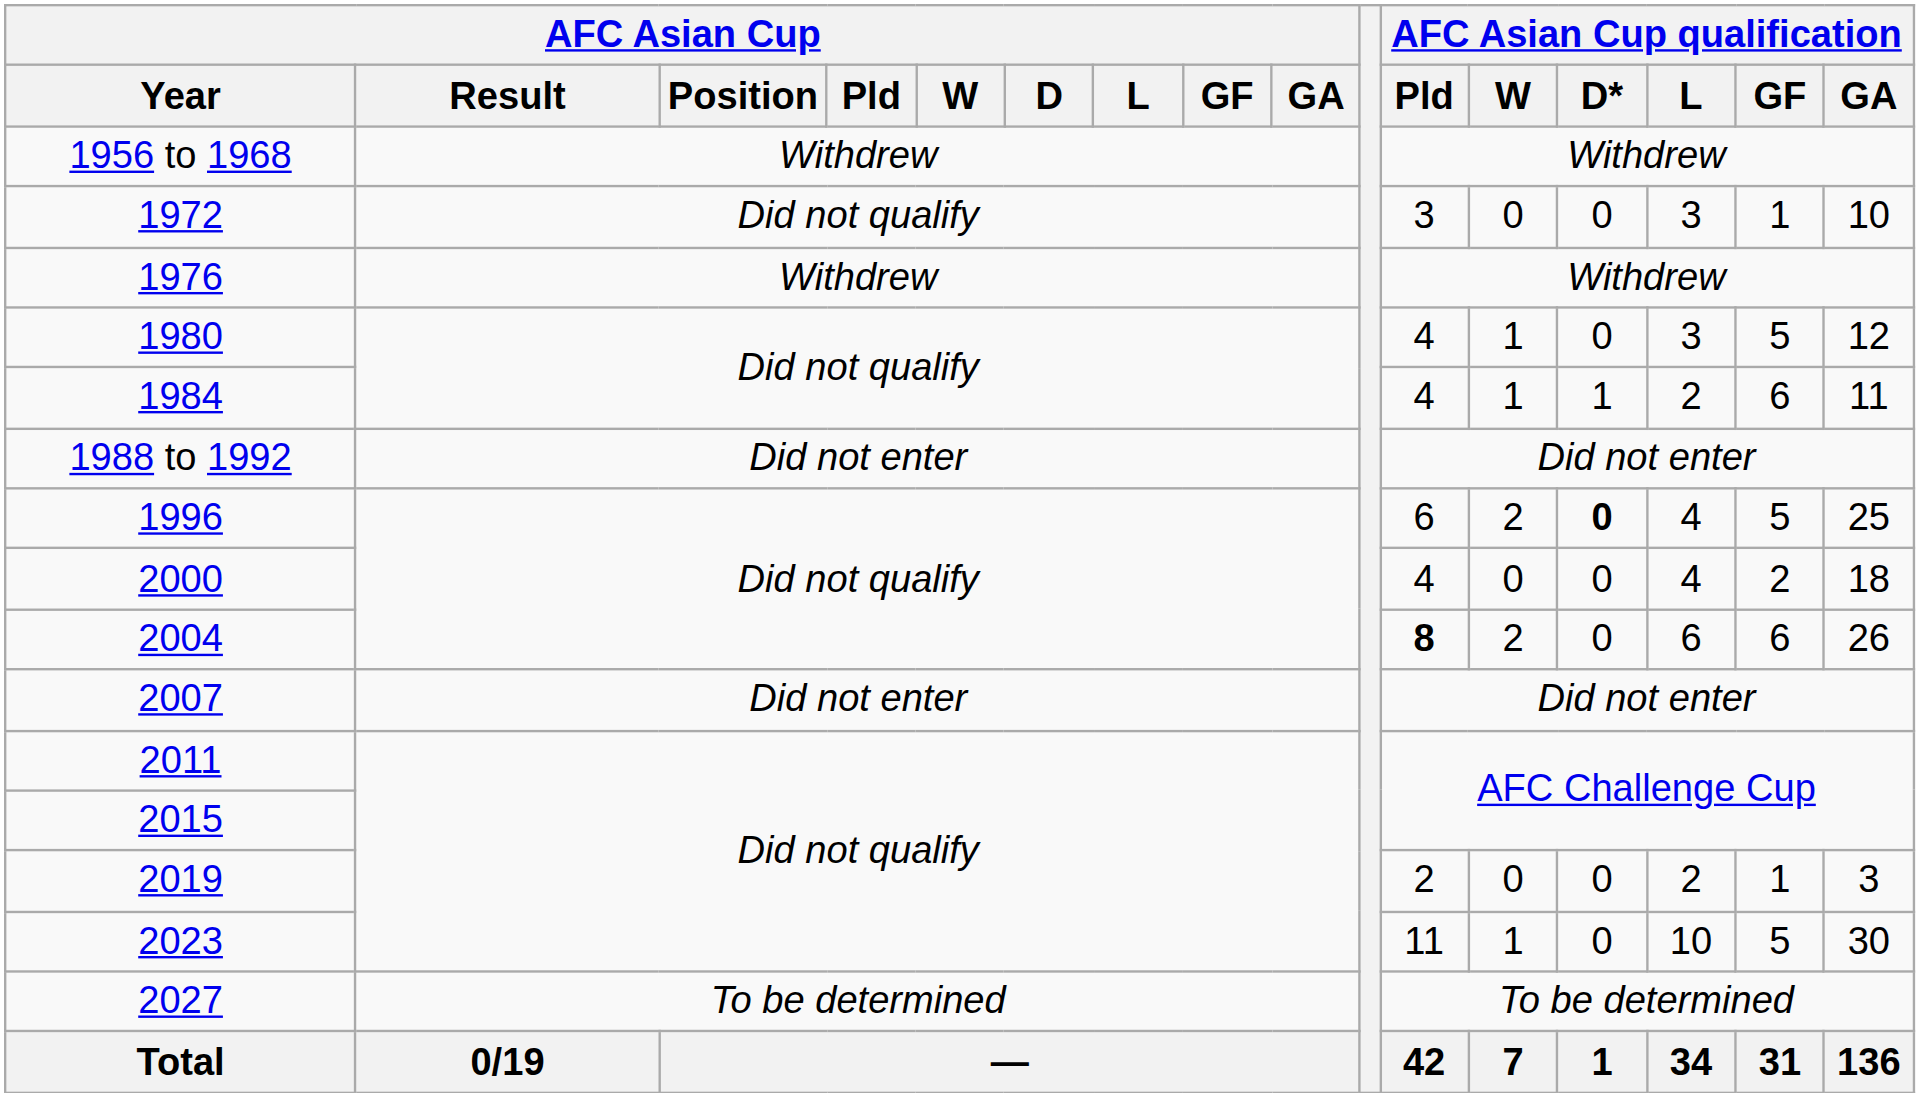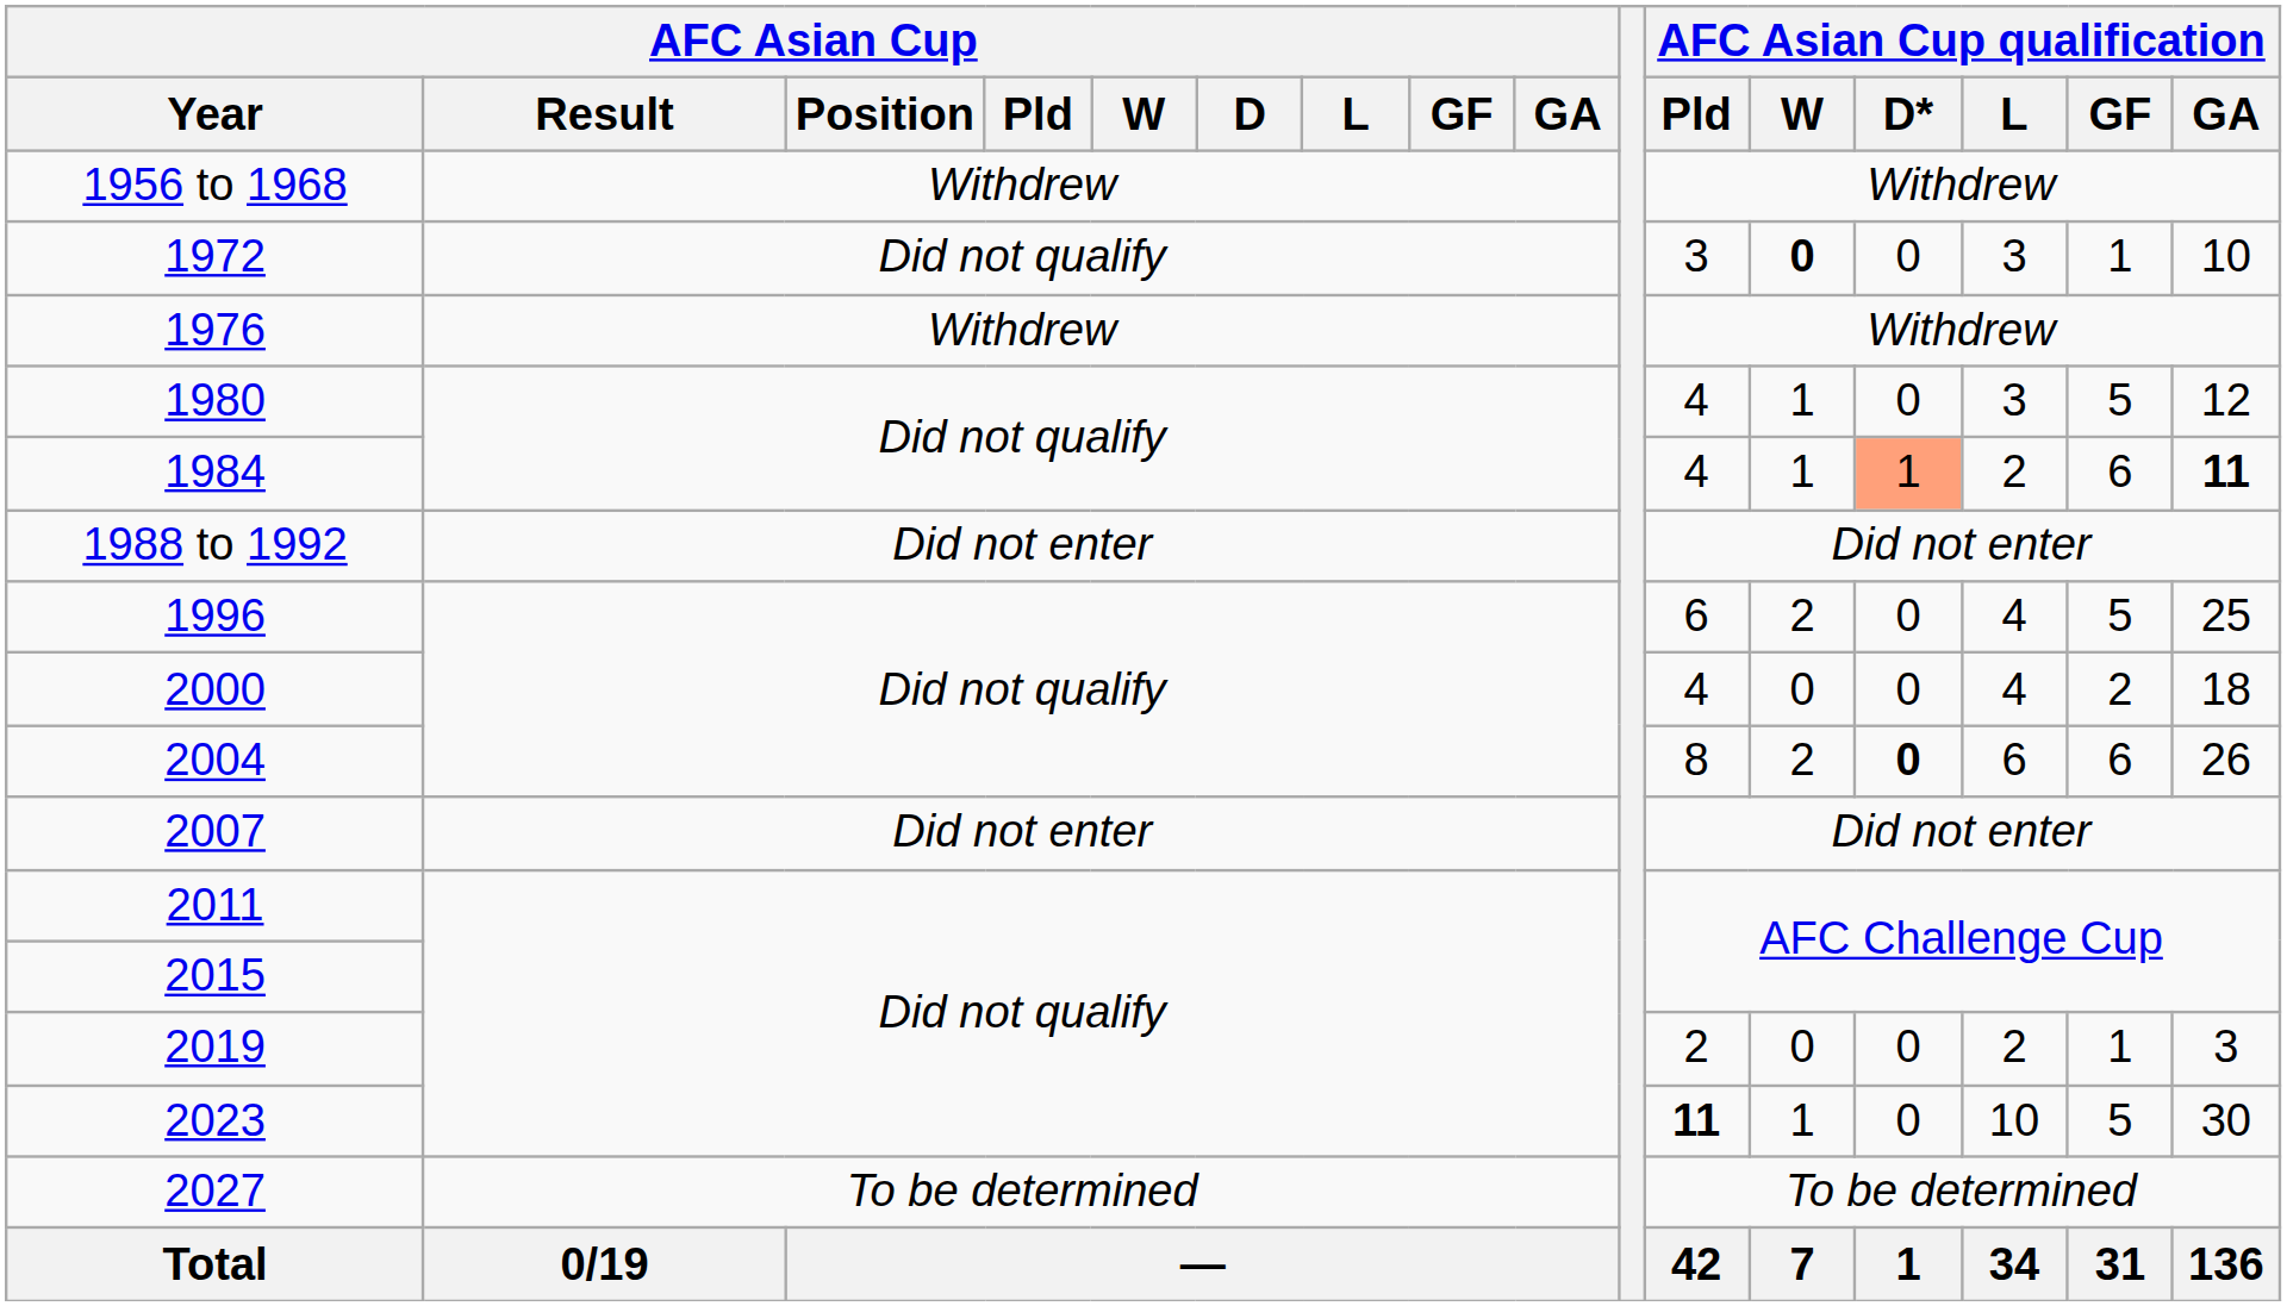 <table class="wikitable" style="text-align: center;">
 <tr>
 <th colspan=9><a href='#'>AFC Asian Cup</a></th>
 <th style="width:1% ;" rowspan="18"></th>
 <th colspan=6><a href='#'>AFC Asian Cup qualification</a></th>
 </tr>
 <tr>
 <th width=140px>Year</th>
 <th width=120px>Result</th>
 <th width=40px>Position</th>
 <th width=30px>Pld</th>
 <th width=30px>W</th>
 <th width=30px>D</th>
 <th width=30px>L</th>
 <th width=30px>GF</th>
 <th width=30px>GA</th>
 <th width=30px>Pld</th>
 <th width=30px>W</th>
 <th width=30px>D*</th>
 <th width=30px>L</th>
 <th width=30px>GF</th>
 <th width=30px>GA</th>
 </tr>
 <tr>
 <td> <a href='#'>1956</a> to  <a href='#'>1968</a></td>
 <td colspan=8><em>Withdrew</em></td>
 <td colspan=6><em>Withdrew</em></td>
 </tr>
 <tr>
 <td> <a href='#'>1972</a></td>
 <td colspan=8><em>Did not qualify</em></td>
 <td>3</td>
-<td>0</td>
+<td><strong>0</strong></td>
 <td>0</td>
 <td>3</td>
 <td>1</td>
 <td>10</td>
 </tr>
 <tr>
 <td> <a href='#'>1976</a></td>
 <td colspan=8><em>Withdrew</em></td>
 <td colspan=6><em>Withdrew</em></td>
 </tr>
 <tr>
 <td> <a href='#'>1980</a></td>
 <td colspan=8 rowspan=2><em>Did not qualify</em></td>
 <td>4</td>
 <td>1</td>
 <td>0</td>
 <td>3</td>
 <td>5</td>
 <td>12</td>
 </tr>
 <tr>
 <td> <a href='#'>1984</a></td>
 <td>4</td>
 <td>1</td>
-<td>1</td>
+<td style="background: lightsalmon;">1</td>
 <td>2</td>
 <td>6</td>
-<td>11</td>
+<td><strong>11</strong></td>
 </tr>
 <tr>
 <td> <a href='#'>1988</a> to  <a href='#'>1992</a></td>
 <td colspan=8><em>Did not enter</em></td>
 <td colspan=6><em>Did not enter</em></td>
 </tr>
 <tr>
 <td> <a href='#'>1996</a></td>
 <td colspan=8 rowspan=3><em>Did not qualify</em></td>
 <td>6</td>
 <td>2</td>
-<td><strong>0</strong></td>
+<td>0</td>
 <td>4</td>
 <td>5</td>
 <td>25</td>
 </tr>
 <tr>
 <td> <a href='#'>2000</a></td>
 <td>4</td>
 <td>0</td>
 <td>0</td>
 <td>4</td>
 <td>2</td>
 <td>18</td>
 </tr>
 <tr>
 <td> <a href='#'>2004</a></td>
-<td><strong>8</strong></td>
+<td>8</td>
 <td>2</td>
-<td>0</td>
+<td><strong>0</strong></td>
 <td>6</td>
 <td>6</td>
 <td>26</td>
 </tr>
 <tr>
 <td>    <a href='#'>2007</a></td>
 <td colspan=8><em>Did not enter</em></td>
 <td colspan=6><em>Did not enter</em></td>
 </tr>
 <tr>
 <td> <a href='#'>2011</a></td>
 <td colspan=8 rowspan=4><em>Did not qualify</em></td>
 <td colspan=8 rowspan=2><a href='#'>AFC Challenge Cup</a></td>
 </tr>
 <tr>
 <td> <a href='#'>2015</a></td>
 </tr>
 <tr>
 <td> <a href='#'>2019</a></td>
 <td>2</td>
 <td>0</td>
 <td>0</td>
 <td>2</td>
 <td>1</td>
 <td>3</td>
 </tr>
 <tr>
 <td> <a href='#'>2023</a></td>
-<td>11</td>
+<td><strong>11</strong></td>
 <td>1</td>
 <td>0</td>
 <td>10</td>
 <td>5</td>
 <td>30</td>
 </tr>
 <tr>
 <td> <a href='#'>2027</a></td>
 <td colspan=8><em>To be determined</em></td>
 <td colspan=8><em>To be determined</em></td>
 </tr>
 <tr>
 <th>Total</th>
 <th>0/19</th>
 <th colspan=7>—</th>
 <th>42</th>
 <th>7</th>
 <th>1</th>
 <th>34</th>
 <th>31</th>
 <th>136</th>
 </tr>
 </table>
